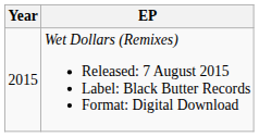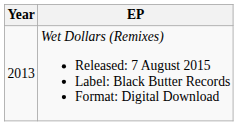 <table class="wikitable">
 <tr>
 <th>Year</th>
 <th>EP</th>
 </tr>
 <tr>
-<td>2015</td>
+<td>2013</td>
 <td><em>Wet Dollars (Remixes)</em><br><ul><li>Released: 7 August 2015</li><li>Label: Black Butter Records</li><li>Format: Digital Download</li></ul></td>
 </tr>
 </table>
